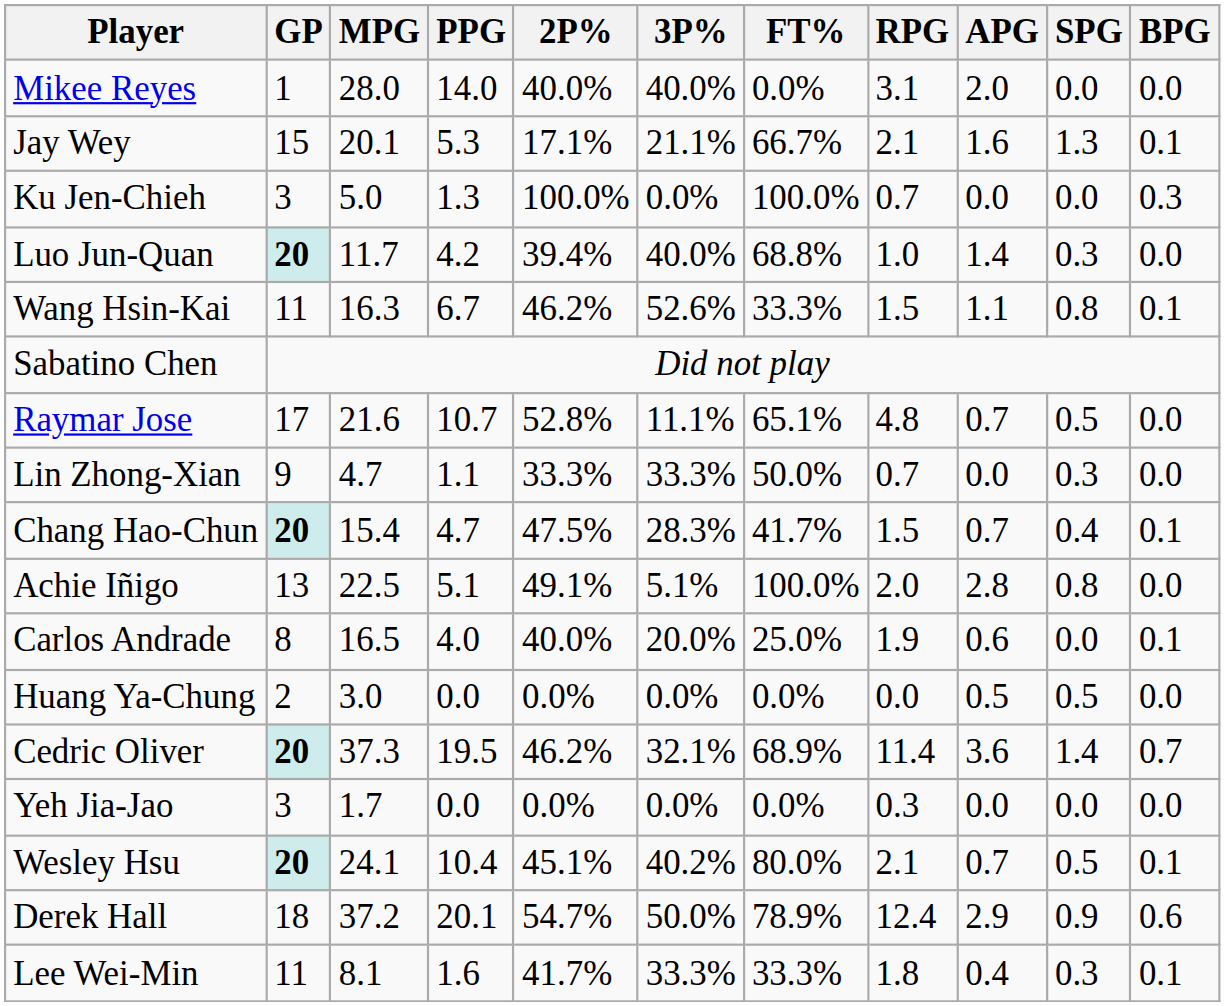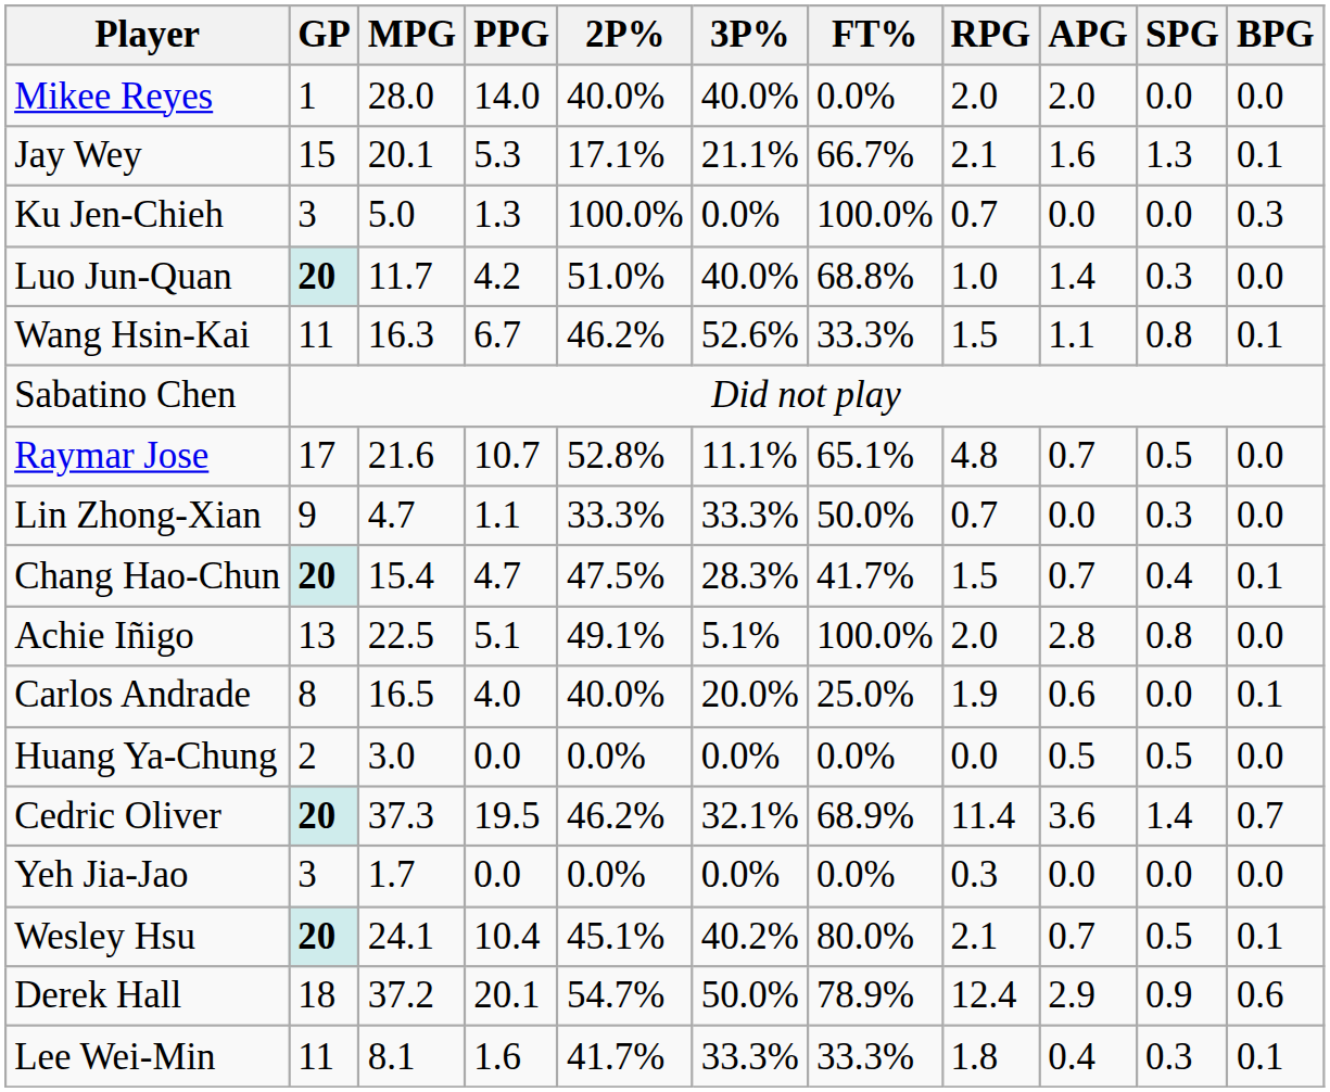 <table class="wikitable">
 <tr>
 <th>Player</th>
 <th>GP</th>
 <th>MPG</th>
 <th>PPG</th>
 <th>2P%</th>
 <th>3P%</th>
 <th>FT%</th>
 <th>RPG</th>
 <th>APG</th>
 <th>SPG</th>
 <th>BPG</th>
 </tr>
 <tr>
 <td><a href='#'>Mikee Reyes</a></td>
 <td>1</td>
 <td>28.0</td>
 <td>14.0</td>
 <td>40.0%</td>
 <td>40.0%</td>
 <td>0.0%</td>
-<td>3.1</td>
+<td>2.0</td>
 <td>2.0</td>
 <td>0.0</td>
 <td>0.0</td>
 </tr>
 <tr>
 <td>Jay Wey</td>
 <td>15</td>
 <td>20.1</td>
 <td>5.3</td>
 <td>17.1%</td>
 <td>21.1%</td>
 <td>66.7%</td>
 <td>2.1</td>
 <td>1.6</td>
 <td>1.3</td>
 <td>0.1</td>
 </tr>
 <tr>
 <td>Ku Jen-Chieh</td>
 <td>3</td>
 <td>5.0</td>
 <td>1.3</td>
 <td>100.0%</td>
 <td>0.0%</td>
 <td>100.0%</td>
 <td>0.7</td>
 <td>0.0</td>
 <td>0.0</td>
 <td>0.3</td>
 </tr>
 <tr>
 <td>Luo Jun-Quan</td>
 <td style="background-color: #CFECEC"><strong>20</strong></td>
 <td>11.7</td>
 <td>4.2</td>
-<td>39.4%</td>
+<td>51.0%</td>
 <td>40.0%</td>
 <td>68.8%</td>
 <td>1.0</td>
 <td>1.4</td>
 <td>0.3</td>
 <td>0.0</td>
 </tr>
 <tr>
 <td>Wang Hsin-Kai</td>
 <td>11</td>
 <td>16.3</td>
 <td>6.7</td>
 <td>46.2%</td>
 <td>52.6%</td>
 <td>33.3%</td>
 <td>1.5</td>
 <td>1.1</td>
 <td>0.8</td>
 <td>0.1</td>
 </tr>
 <tr>
 <td>Sabatino Chen</td>
 <td colspan=10 align=center><em>Did not play</em></td>
 </tr>
 <tr>
 <td><a href='#'>Raymar Jose</a></td>
 <td>17</td>
 <td>21.6</td>
 <td>10.7</td>
 <td>52.8%</td>
 <td>11.1%</td>
 <td>65.1%</td>
 <td>4.8</td>
 <td>0.7</td>
 <td>0.5</td>
 <td>0.0</td>
 </tr>
 <tr>
 <td>Lin Zhong-Xian</td>
 <td>9</td>
 <td>4.7</td>
 <td>1.1</td>
 <td>33.3%</td>
 <td>33.3%</td>
 <td>50.0%</td>
 <td>0.7</td>
 <td>0.0</td>
 <td>0.3</td>
 <td>0.0</td>
 </tr>
 <tr>
 <td>Chang Hao-Chun</td>
 <td style="background-color: #CFECEC"><strong>20</strong></td>
 <td>15.4</td>
 <td>4.7</td>
 <td>47.5%</td>
 <td>28.3%</td>
 <td>41.7%</td>
 <td>1.5</td>
 <td>0.7</td>
 <td>0.4</td>
 <td>0.1</td>
 </tr>
 <tr>
 <td>Achie Iñigo</td>
 <td>13</td>
 <td>22.5</td>
 <td>5.1</td>
 <td>49.1%</td>
 <td>5.1%</td>
 <td>100.0%</td>
 <td>2.0</td>
 <td>2.8</td>
 <td>0.8</td>
 <td>0.0</td>
 </tr>
 <tr>
 <td>Carlos Andrade</td>
 <td>8</td>
 <td>16.5</td>
 <td>4.0</td>
 <td>40.0%</td>
 <td>20.0%</td>
 <td>25.0%</td>
 <td>1.9</td>
 <td>0.6</td>
 <td>0.0</td>
 <td>0.1</td>
 </tr>
 <tr>
 <td>Huang Ya-Chung</td>
 <td>2</td>
 <td>3.0</td>
 <td>0.0</td>
 <td>0.0%</td>
 <td>0.0%</td>
 <td>0.0%</td>
 <td>0.0</td>
 <td>0.5</td>
 <td>0.5</td>
 <td>0.0</td>
 </tr>
 <tr>
 <td>Cedric Oliver</td>
 <td style="background-color: #CFECEC"><strong>20</strong></td>
 <td>37.3</td>
 <td>19.5</td>
 <td>46.2%</td>
 <td>32.1%</td>
 <td>68.9%</td>
 <td>11.4</td>
 <td>3.6</td>
 <td>1.4</td>
 <td>0.7</td>
 </tr>
 <tr>
 <td>Yeh Jia-Jao</td>
 <td>3</td>
 <td>1.7</td>
 <td>0.0</td>
 <td>0.0%</td>
 <td>0.0%</td>
 <td>0.0%</td>
 <td>0.3</td>
 <td>0.0</td>
 <td>0.0</td>
 <td>0.0</td>
 </tr>
 <tr>
 <td>Wesley Hsu</td>
 <td style="background-color: #CFECEC"><strong>20</strong></td>
 <td>24.1</td>
 <td>10.4</td>
 <td>45.1%</td>
 <td>40.2%</td>
 <td>80.0%</td>
 <td>2.1</td>
 <td>0.7</td>
 <td>0.5</td>
 <td>0.1</td>
 </tr>
 <tr>
 <td>Derek Hall</td>
 <td>18</td>
 <td>37.2</td>
 <td>20.1</td>
 <td>54.7%</td>
 <td>50.0%</td>
 <td>78.9%</td>
 <td>12.4</td>
 <td>2.9</td>
 <td>0.9</td>
 <td>0.6</td>
 </tr>
 <tr>
 <td>Lee Wei-Min</td>
 <td>11</td>
 <td>8.1</td>
 <td>1.6</td>
 <td>41.7%</td>
 <td>33.3%</td>
 <td>33.3%</td>
 <td>1.8</td>
 <td>0.4</td>
 <td>0.3</td>
 <td>0.1</td>
 </tr>
 </table>
